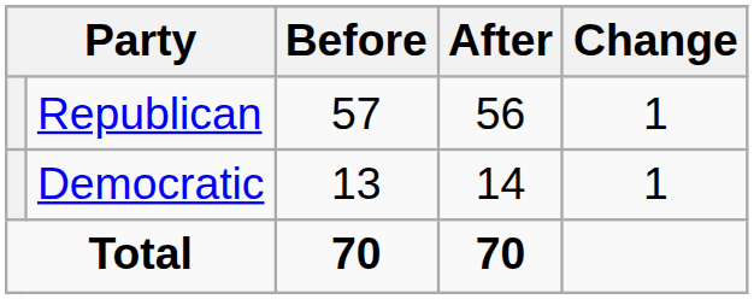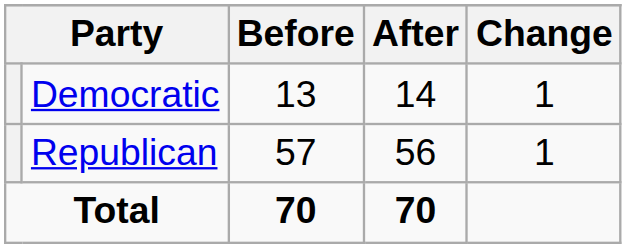 <table class="wikitable" style="text-align:center;">
 <tr>
 </tr>
 <tr>
 <th colspan=2>Party</th>
 <th>Before</th>
 <th>After</th>
 <th>Change</th>
 </tr>
 <tr>
 <th style="background-color:"></th>
-<td style="text-align:left;"><a href='#'>Republican</a></td>
-<td>57</td>
-<td>56</td>
+<td style="text-align:left;"><a href='#'>Democratic</a></td>
+<td>13</td>
+<td>14</td>
 <td> 1</td>
 </tr>
 <tr>
 <th style="background-color:"></th>
-<td style="text-align:left;"><a href='#'>Democratic</a></td>
-<td>13</td>
-<td>14</td>
+<td style="text-align:left;"><a href='#'>Republican</a></td>
+<td>57</td>
+<td>56</td>
 <td> 1</td>
 </tr>
 <tr>
 <td colspan=2><strong>Total</strong></td>
 <td><strong>70</strong></td>
 <td><strong>70</strong></td>
 <td></td>
 </tr>
 </table>
